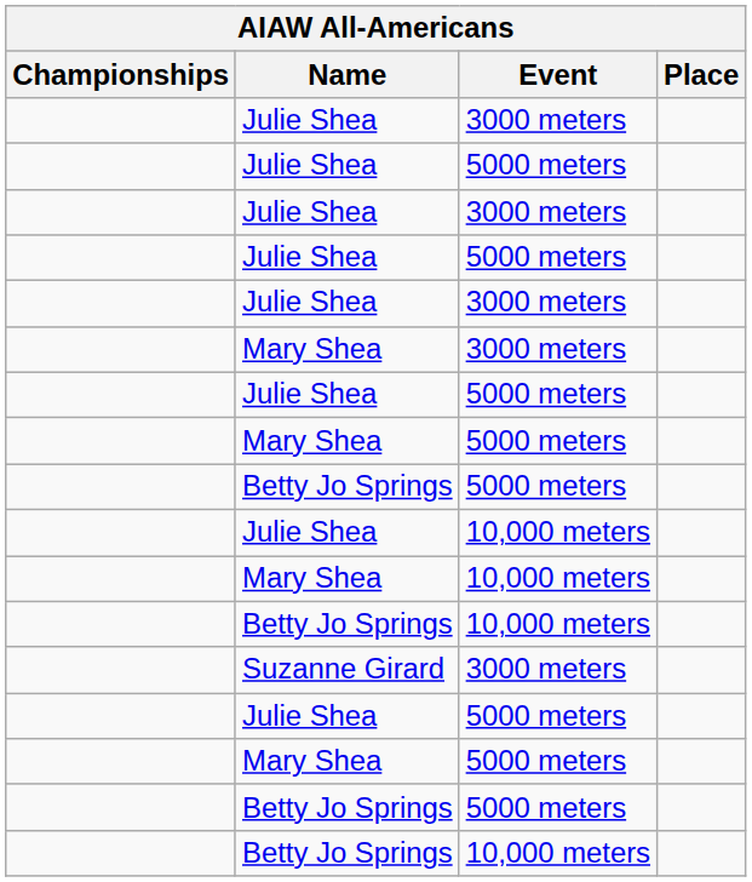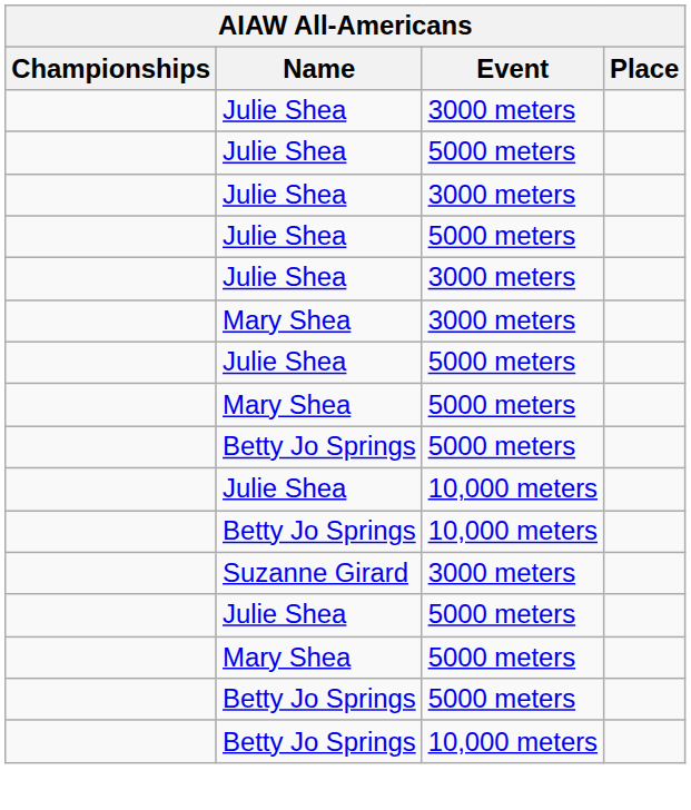 <table class="wikitable sortable">
 <tr>
 <th colspan="4">AIAW All-Americans</th>
 </tr>
 <tr>
 <th scope="col">Championships</th>
 <th scope="col">Name</th>
 <th scope="col">Event</th>
 <th scope="col">Place</th>
 </tr>
 <tr>
 <td></td>
 <td><a href='#'>Julie Shea</a></td>
 <td><a href='#'>3000 meters</a></td>
 <td></td>
 </tr>
 <tr>
 <td></td>
 <td><a href='#'>Julie Shea</a></td>
 <td><a href='#'>5000 meters</a></td>
 <td></td>
 </tr>
 <tr>
 <td></td>
 <td><a href='#'>Julie Shea</a></td>
 <td><a href='#'>3000 meters</a></td>
 <td></td>
 </tr>
 <tr>
 <td></td>
 <td><a href='#'>Julie Shea</a></td>
 <td><a href='#'>5000 meters</a></td>
 <td></td>
 </tr>
 <tr>
 <td></td>
 <td><a href='#'>Julie Shea</a></td>
 <td><a href='#'>3000 meters</a></td>
 <td></td>
 </tr>
 <tr>
 <td></td>
 <td><a href='#'>Mary Shea</a></td>
 <td><a href='#'>3000 meters</a></td>
 <td></td>
 </tr>
 <tr>
 <td></td>
 <td><a href='#'>Julie Shea</a></td>
 <td><a href='#'>5000 meters</a></td>
 <td></td>
 </tr>
 <tr>
 <td></td>
 <td><a href='#'>Mary Shea</a></td>
 <td><a href='#'>5000 meters</a></td>
 <td></td>
 </tr>
 <tr>
 <td></td>
 <td><a href='#'>Betty Jo Springs</a></td>
 <td><a href='#'>5000 meters</a></td>
 <td></td>
 </tr>
 <tr>
 <td></td>
 <td><a href='#'>Julie Shea</a></td>
 <td><a href='#'>10,000 meters</a></td>
 <td></td>
 </tr>
 <tr>
 <td></td>
-<td><a href='#'>Mary Shea</a></td>
-<td><a href='#'>10,000 meters</a></td>
-<td></td>
-</tr>
-<tr>
-<td></td>
 <td><a href='#'>Betty Jo Springs</a></td>
 <td><a href='#'>10,000 meters</a></td>
 <td></td>
 </tr>
 <tr>
 <td></td>
 <td><a href='#'>Suzanne Girard</a></td>
 <td><a href='#'>3000 meters</a></td>
 <td></td>
 </tr>
 <tr>
 <td></td>
 <td><a href='#'>Julie Shea</a></td>
 <td><a href='#'>5000 meters</a></td>
 <td></td>
 </tr>
 <tr>
 <td></td>
 <td><a href='#'>Mary Shea</a></td>
 <td><a href='#'>5000 meters</a></td>
 <td></td>
 </tr>
 <tr>
 <td></td>
 <td><a href='#'>Betty Jo Springs</a></td>
 <td><a href='#'>5000 meters</a></td>
 <td></td>
 </tr>
 <tr>
 <td></td>
 <td><a href='#'>Betty Jo Springs</a></td>
 <td><a href='#'>10,000 meters</a></td>
 <td></td>
 </tr>
 </table>
